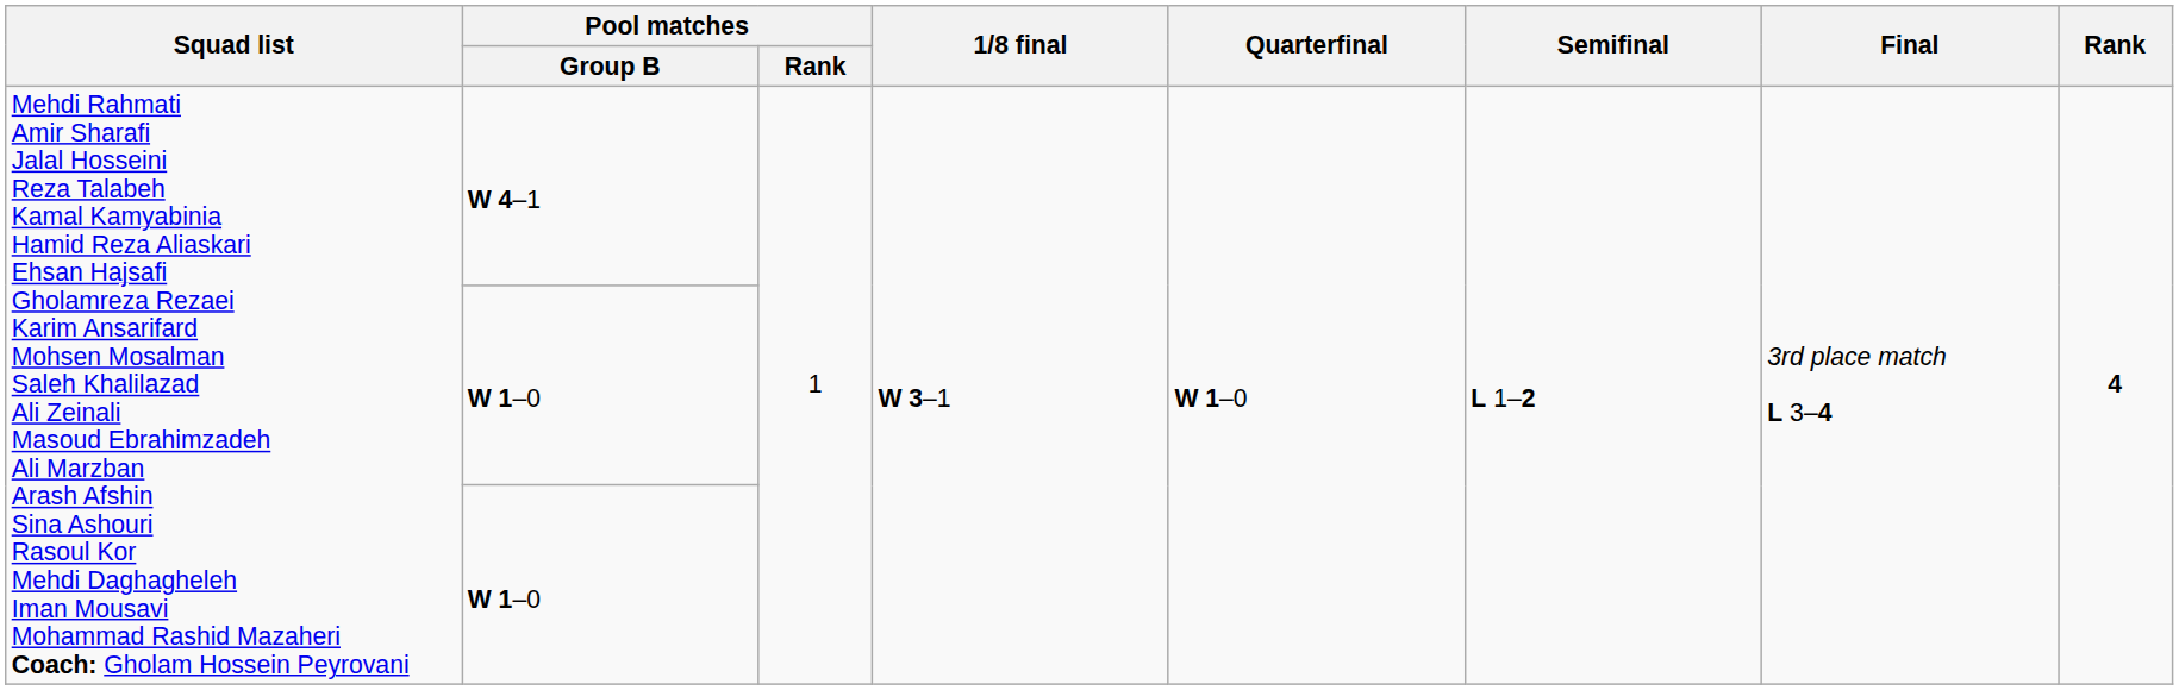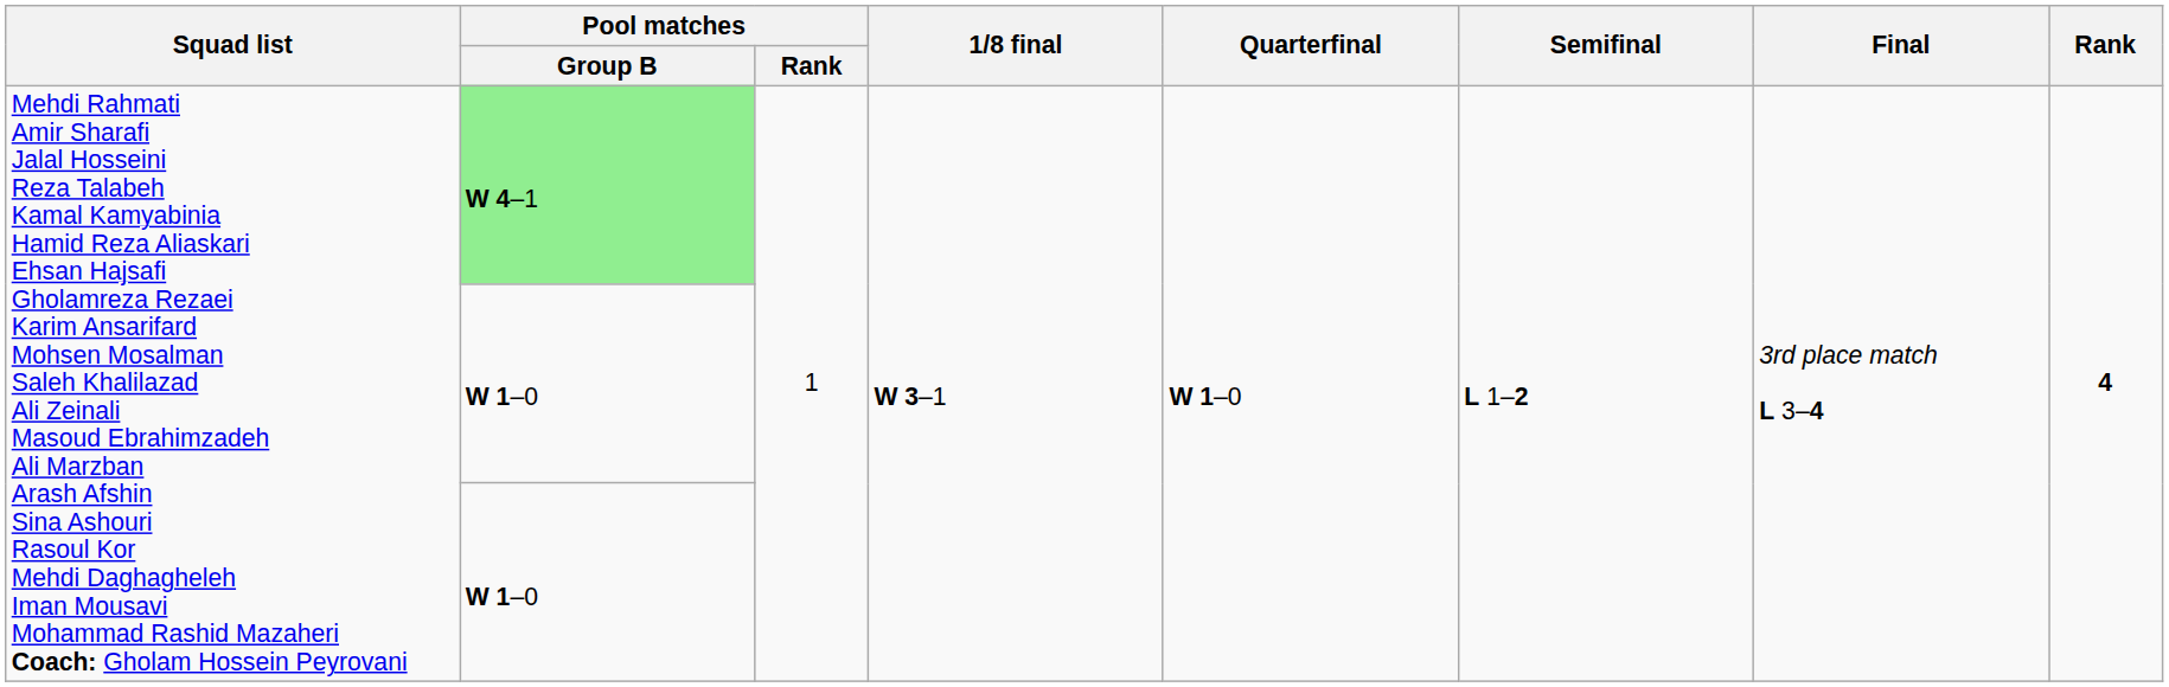 <table class="wikitable" width="98%" style="text-align:left; font-size:90%">
 <tr>
 <th rowspan="2" width="20%">Squad list</th>
 <th colspan="2">Pool matches</th>
 <th rowspan="2" width="13%">1/8 final</th>
 <th rowspan="2" width="13%">Quarterfinal</th>
 <th rowspan="2" width="13%">Semifinal</th>
 <th rowspan="2" width="13%">Final</th>
 <th rowspan="2" width="5%">Rank</th>
 </tr>
 <tr>
 <th width="13%">Group B</th>
 <th width="5%">Rank</th>
 </tr>
 <tr>
 <td rowspan="3"><a href='#'>Mehdi Rahmati</a><br><a href='#'>Amir Sharafi</a><br><a href='#'>Jalal Hosseini</a><br><a href='#'>Reza Talabeh</a><br><a href='#'>Kamal Kamyabinia</a><br><a href='#'>Hamid Reza Aliaskari</a><br><a href='#'>Ehsan Hajsafi</a><br><a href='#'>Gholamreza Rezaei</a><br><a href='#'>Karim Ansarifard</a><br><a href='#'>Mohsen Mosalman</a><br><a href='#'>Saleh Khalilazad</a><br><a href='#'>Ali Zeinali</a><br><a href='#'>Masoud Ebrahimzadeh</a><br><a href='#'>Ali Marzban</a><br><a href='#'>Arash Afshin</a><br><a href='#'>Sina Ashouri</a><br><a href='#'>Rasoul Kor</a><br><a href='#'>Mehdi Daghagheleh</a><br><a href='#'>Iman Mousavi</a><br><a href='#'>Mohammad Rashid Mazaheri</a><br><strong>Coach:</strong> <a href='#'>Gholam Hossein Peyrovani</a></td>
-<td><br><strong>W</strong> <strong>4</strong>–1</td>
+<td style="background: lightgreen;"><br><strong>W</strong> <strong>4</strong>–1</td>
 <td rowspan="3" align=center>1 <strong></strong></td>
 <td rowspan="3"><br><strong>W</strong> <strong>3</strong>–1</td>
 <td rowspan="3"><br><strong>W</strong> <strong>1</strong>–0</td>
 <td rowspan="3"><br><strong>L</strong> 1–<strong>2</strong></td>
 <td rowspan="3"><em>3rd place match</em><br><br><strong>L</strong> 3–<strong>4</strong></td>
 <td rowspan="3" align="center"><strong>4</strong></td>
 </tr>
 <tr>
 <td><br><strong>W</strong> <strong>1</strong>–0</td>
 </tr>
 <tr>
 <td><br><strong>W</strong> <strong>1</strong>–0</td>
 </tr>
 </table>
